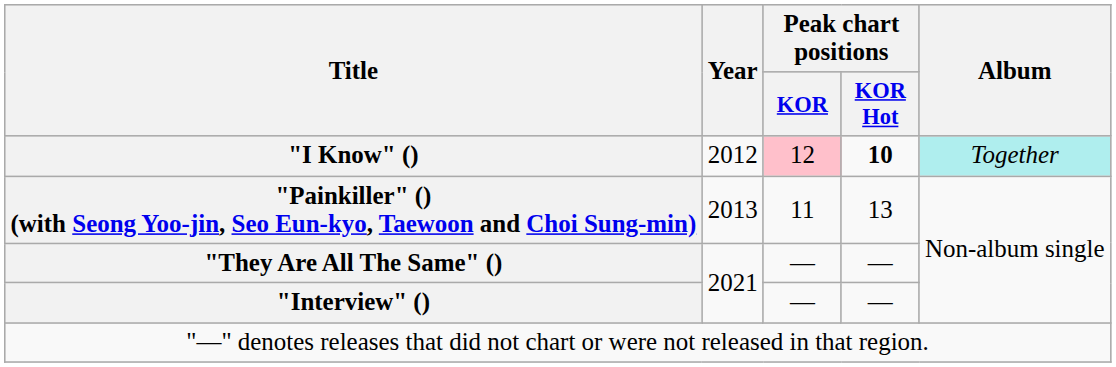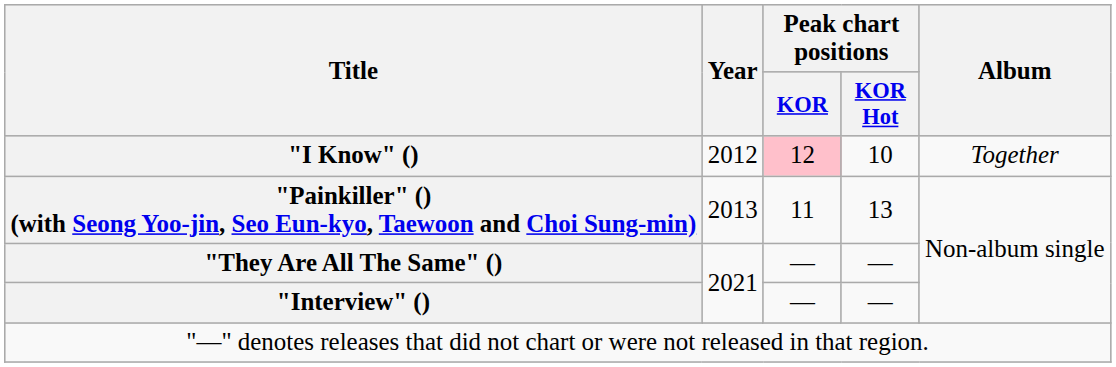 <table class="wikitable plainrowheaders" style="text-align:center">
 <tr>
 <th scope="col" rowspan="2">Title</th>
 <th scope="col" rowspan="2">Year</th>
 <th scope="col" colspan="2">Peak chart positions</th>
 <th scope="col" rowspan="2">Album</th>
 </tr>
 <tr>
 <th scope="col" style="width:3em;font-size:90%"><a href='#'>KOR</a><br></th>
 <th scope="col" style="width:3em;font-size:90%"><a href='#'>KOR Hot</a><br></th>
 </tr>
 <tr>
 <th scope="row">"I Know" () <br> </th>
 <td>2012</td>
 <td style="background: pink;">12</td>
-<td><strong>10</strong></td>
-<td style="background: paleturquoise;"><em>Together</em></td>
+<td>10</td>
+<td><em>Together</em></td>
 </tr>
 <tr>
 <th scope="row">"Painkiller" ()<br><span>(with <a href='#'>Seong Yoo-jin</a>, <a href='#'>Seo Eun-kyo</a>, <a href='#'>Taewoon</a> and <a href='#'>Choi Sung-min)</a></span></th>
 <td>2013</td>
 <td>11</td>
 <td>13</td>
 <td rowspan="3">Non-album single</td>
 </tr>
 <tr>
 <th scope="row">"They Are All The Same" ()</th>
 <td rowspan="2">2021</td>
 <td>—</td>
 <td>—</td>
 </tr>
 <tr>
 <th scope="row">"Interview" ()</th>
 <td>—</td>
 <td>—</td>
 </tr>
 <tr>
 <td colspan="5">"—" denotes releases that did not chart or were not released in that region.</td>
 </tr>
 </table>
